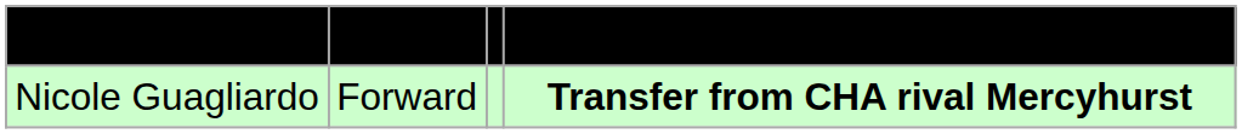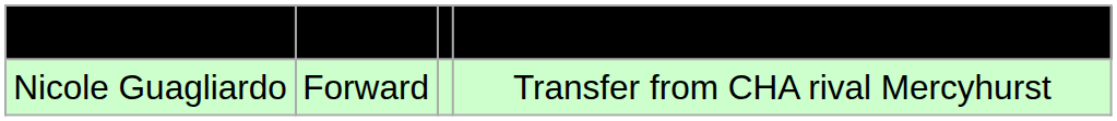 <table class="wikitable">
 <tr align="center" bgcolor=" ">
 <td>Nikki Friesen</td>
 <td>Forward</td>
 <td></td>
 <td>Graduate Student from Harvard University</td>
 </tr>
 <tr align="center" bgcolor="#ccffcc">
 <td>Nicole Guagliardo</td>
 <td>Forward</td>
 <td></td>
-<td><strong>Transfer from CHA rival Mercyhurst</strong></td>
+<td>Transfer from CHA rival Mercyhurst</td>
 </tr>
 </table>
